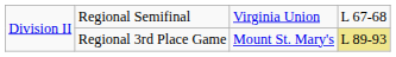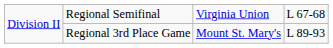 <table class="wikitable">
 <tr>
 <td rowspan="2"><a href='#'>Division II</a></td>
 <td>Regional Semifinal</td>
 <td><a href='#'>Virginia Union</a></td>
 <td>L 67-68</td>
 </tr>
 <tr>
 <td>Regional 3rd Place Game</td>
 <td><a href='#'>Mount St. Mary's</a></td>
-<td style="background: khaki;">L 89-93</td>
+<td>L 89-93</td>
 </tr>
 </table>
